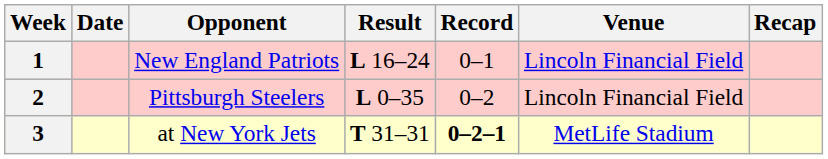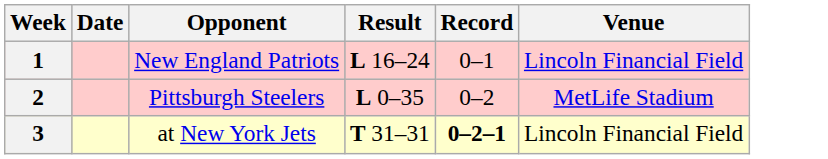 <table class="wikitable" style="text-align:center">
 <tr>
 <th>Week</th>
 <th>Date</th>
 <th>Opponent</th>
 <th>Result</th>
 <th>Record</th>
 <th>Venue</th>
-<th>Recap</th>
 </tr>
 <tr style="background:#fcc">
 <th>1</th>
 <td></td>
 <td><a href='#'>New England Patriots</a></td>
 <td><strong>L</strong> 16–24</td>
 <td>0–1</td>
 <td><a href='#'>Lincoln Financial Field</a></td>
-<td></td>
 </tr>
 <tr style="background:#fcc">
 <th>2</th>
 <td></td>
 <td><a href='#'>Pittsburgh Steelers</a></td>
 <td><strong>L</strong> 0–35</td>
 <td>0–2</td>
-<td>Lincoln Financial Field</td>
-<td></td>
+<td><a href='#'>MetLife Stadium</a></td>
 </tr>
 <tr style="background:#ffc">
 <th>3</th>
 <td></td>
 <td>at <a href='#'>New York Jets</a></td>
 <td><strong>T</strong> 31–31</td>
 <td><strong>0–2–1</strong></td>
-<td><a href='#'>MetLife Stadium</a></td>
-<td></td>
+<td>Lincoln Financial Field</td>
 </tr>
 </table>
